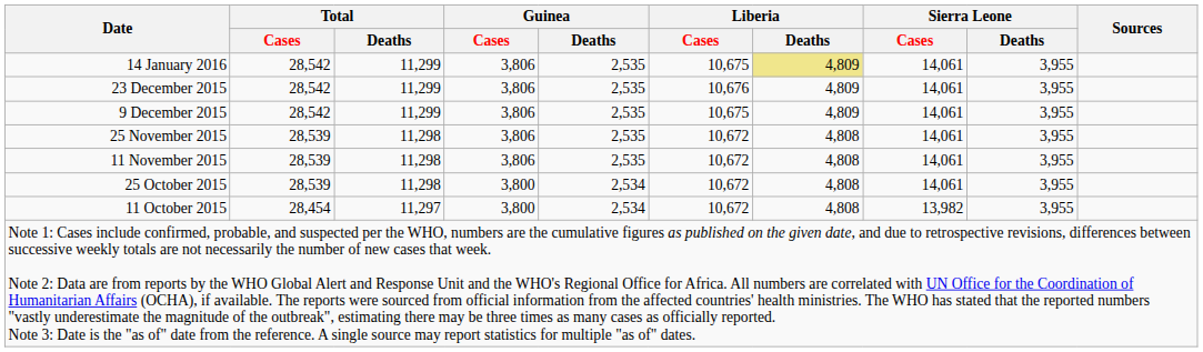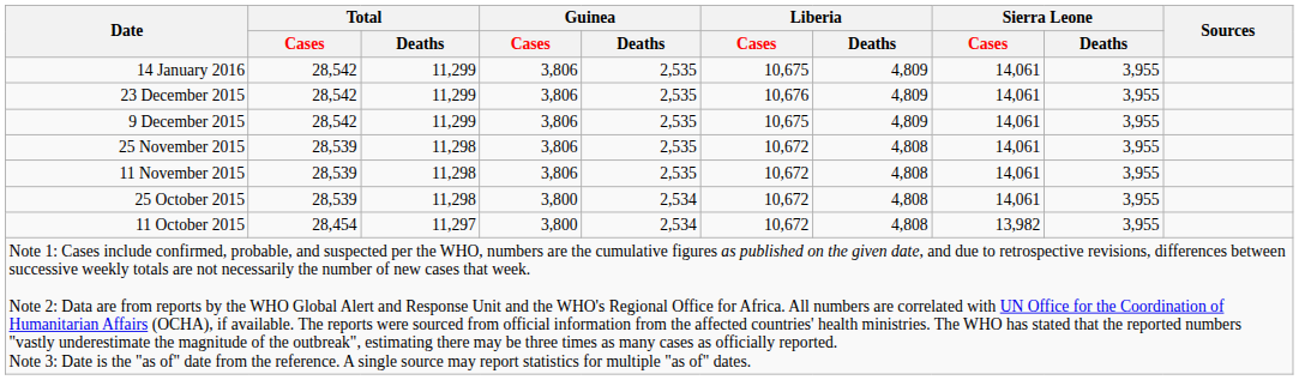 <table class="wikitable" style="text-align:right; width:100%;">
 <tr>
 <th rowspan=2>Date</th>
 <th colspan=2>Total</th>
 <th colspan=2>Guinea</th>
 <th colspan=2>Liberia</th>
 <th colspan=2>Sierra Leone</th>
 <th rowspan="2" style="width:120px;">Sources</th>
 </tr>
 <tr>
 <th style="color: red;">Cases</th>
 <th>Deaths</th>
 <th style="color: red;">Cases</th>
 <th>Deaths</th>
 <th style="color: red;">Cases</th>
 <th>Deaths</th>
 <th style="color: red;">Cases</th>
 <th>Deaths</th>
 </tr>
 <tr>
 <td>14 January 2016</td>
 <td>28,542</td>
 <td>11,299</td>
 <td>3,806</td>
 <td>2,535</td>
 <td>10,675</td>
-<td style="background: khaki;">4,809</td>
+<td>4,809</td>
 <td>14,061</td>
 <td>3,955</td>
 <td></td>
 </tr>
 <tr>
 <td>23 December 2015</td>
 <td>28,542</td>
 <td>11,299</td>
 <td>3,806</td>
 <td>2,535</td>
 <td>10,676</td>
 <td>4,809</td>
 <td>14,061</td>
 <td>3,955</td>
 <td></td>
 </tr>
 <tr>
 <td>9 December 2015</td>
 <td>28,542</td>
 <td>11,299</td>
 <td>3,806</td>
 <td>2,535</td>
 <td>10,675</td>
 <td>4,809</td>
 <td>14,061</td>
 <td>3,955</td>
 <td></td>
 </tr>
 <tr>
 <td>25 November 2015</td>
 <td>28,539</td>
 <td>11,298</td>
 <td>3,806</td>
 <td>2,535</td>
 <td>10,672</td>
 <td>4,808</td>
 <td>14,061</td>
 <td>3,955</td>
 <td></td>
 </tr>
 <tr>
 <td>11 November 2015</td>
 <td>28,539</td>
 <td>11,298</td>
 <td>3,806</td>
 <td>2,535</td>
 <td>10,672</td>
 <td>4,808</td>
 <td>14,061</td>
 <td>3,955</td>
 <td></td>
 </tr>
 <tr>
 <td>25 October 2015</td>
 <td>28,539</td>
 <td>11,298</td>
 <td>3,800</td>
 <td>2,534</td>
 <td>10,672</td>
 <td>4,808</td>
 <td>14,061</td>
 <td>3,955</td>
 <td></td>
 </tr>
 <tr>
 <td>11 October 2015</td>
 <td>28,454</td>
 <td>11,297</td>
 <td>3,800</td>
 <td>2,534</td>
 <td>10,672</td>
 <td>4,808</td>
 <td>13,982</td>
 <td>3,955</td>
 <td></td>
 </tr>
 <tr>
 <td colspan="10" style="text-align:left">Note 1: Cases include confirmed, probable, and suspected per the WHO, numbers are the cumulative figures <em>as published on the given date</em>, and due to retrospective revisions, differences between successive weekly totals are not necessarily the number of new cases that week.<br><br>Note 2: Data are from reports by the WHO Global Alert and Response Unit and the WHO's Regional Office for Africa. All numbers are correlated with <a href='#'>UN Office for the Coordination of Humanitarian Affairs</a> (OCHA), if available. The reports were sourced from official information from the affected countries' health ministries. The WHO has stated that the reported numbers "vastly underestimate the magnitude of the outbreak", estimating there may be three times as many cases as officially reported.<br>Note 3: Date is the "as of" date from the reference. A single source may report statistics for multiple "as of" dates.</td>
 </tr>
 </table>
